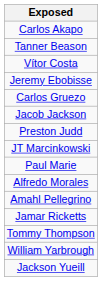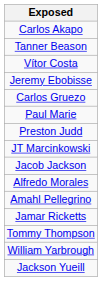 <table class="wikitable" style="text-align:center">
 <tr>
 <th>Exposed</th>
 </tr>
 <tr>
 <td><a href='#'>Carlos Akapo</a></td>
 </tr>
 <tr>
 <td><a href='#'>Tanner Beason</a></td>
 </tr>
 <tr>
 <td><a href='#'>Vítor Costa</a></td>
 </tr>
 <tr>
 <td><a href='#'>Jeremy Ebobisse</a></td>
 </tr>
 <tr>
 <td><a href='#'>Carlos Gruezo</a></td>
 </tr>
 <tr>
-<td><a href='#'>Jacob Jackson</a></td>
+<td><a href='#'>Paul Marie</a></td>
 </tr>
 <tr>
 <td><a href='#'>Preston Judd</a></td>
 </tr>
 <tr>
 <td><a href='#'>JT Marcinkowski</a></td>
 </tr>
 <tr>
-<td><a href='#'>Paul Marie</a></td>
+<td><a href='#'>Jacob Jackson</a></td>
 </tr>
 <tr>
 <td><a href='#'>Alfredo Morales</a></td>
 </tr>
 <tr>
 <td><a href='#'>Amahl Pellegrino</a></td>
 </tr>
 <tr>
 <td><a href='#'>Jamar Ricketts</a></td>
 </tr>
 <tr>
 <td><a href='#'>Tommy Thompson</a></td>
 </tr>
 <tr>
 <td><a href='#'>William Yarbrough</a></td>
 </tr>
 <tr>
 <td><a href='#'>Jackson Yueill</a></td>
 </tr>
 </table>
